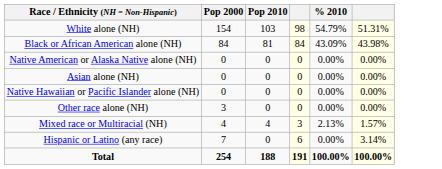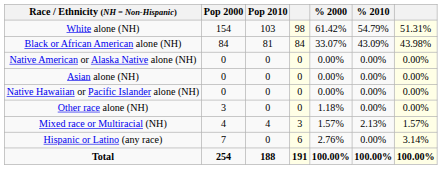 <table class="wikitable" style="text-align:center;">
 <tr>
 <th>Race / Ethnicity <small>(<em>NH = Non-Hispanic</em>)</small></th>
 <th>Pop 2000</th>
 <th>Pop 2010</th>
 <th></th>
+<th>% 2000</th>
 <th>% 2010</th>
 <th></th>
 </tr>
 <tr>
 <td><a href='#'>White</a> alone (NH)</td>
 <td>154</td>
 <td>103</td>
 <td style='background: #ffffe6;'>98</td>
+<td>61.42%</td>
 <td>54.79%</td>
 <td style='background: #ffffe6;'>51.31%</td>
 </tr>
 <tr>
 <td><a href='#'>Black or African American</a> alone (NH)</td>
 <td>84</td>
 <td>81</td>
 <td style='background: #ffffe6;'>84</td>
+<td>33.07%</td>
 <td>43.09%</td>
 <td style='background: #ffffe6;'>43.98%</td>
 </tr>
 <tr>
 <td><a href='#'>Native American</a> or <a href='#'>Alaska Native</a> alone (NH)</td>
 <td>0</td>
 <td>0</td>
 <td style='background: #ffffe6;'>0</td>
 <td>0.00%</td>
+<td>0.00%</td>
 <td style='background: #ffffe6;'>0.00%</td>
 </tr>
 <tr>
 <td><a href='#'>Asian</a> alone (NH)</td>
 <td>0</td>
 <td>0</td>
 <td style='background: #ffffe6;'>0</td>
+<td>0.00%</td>
 <td>0.00%</td>
 <td style='background: #ffffe6;'>0.00%</td>
 </tr>
 <tr>
 <td><a href='#'>Native Hawaiian</a> or <a href='#'>Pacific Islander</a> alone (NH)</td>
 <td>0</td>
 <td>0</td>
 <td style='background: #ffffe6;'>0</td>
 <td>0.00%</td>
+<td>0.00%</td>
 <td style='background: #ffffe6;'>0.00%</td>
 </tr>
 <tr>
 <td><a href='#'>Other race</a> alone (NH)</td>
 <td>3</td>
 <td>0</td>
 <td style='background: #ffffe6;'>0</td>
+<td>1.18%</td>
 <td>0.00%</td>
 <td style='background: #ffffe6;'>0.00%</td>
 </tr>
 <tr>
 <td><a href='#'>Mixed race or Multiracial</a> (NH)</td>
 <td>4</td>
 <td>4</td>
 <td style='background: #ffffe6;'>3</td>
+<td>1.57%</td>
 <td>2.13%</td>
 <td style='background: #ffffe6;'>1.57%</td>
 </tr>
 <tr>
 <td><a href='#'>Hispanic or Latino</a> (any race)</td>
 <td>7</td>
 <td>0</td>
 <td style='background: #ffffe6;'>6</td>
+<td>2.76%</td>
 <td>0.00%</td>
 <td style='background: #ffffe6;'>3.14%</td>
 </tr>
 <tr>
 <td><strong>Total</strong></td>
 <td><strong>254</strong></td>
 <td><strong>188</strong></td>
 <td style='background: #ffffe6;'><strong>191</strong></td>
 <td><strong>100.00%</strong></td>
+<td><strong>100.00%</strong></td>
 <td style='background: #ffffe6;'><strong>100.00%</strong></td>
 </tr>
 </table>
